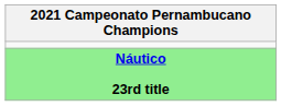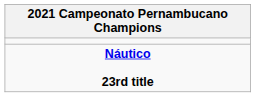 <table class="wikitable" style="text-align: center; margin: 0 auto; width: 20%">
 <tr>
 <th>2021 Campeonato Pernambucano Champions</th>
 </tr>
 <tr>
 <td></td>
 </tr>
 <tr>
-<td style="background: lightgreen;"><strong><a href='#'>Náutico</a></strong><br><br><strong>23rd title</strong></td>
+<td><strong><a href='#'>Náutico</a></strong><br><br><strong>23rd title</strong></td>
 </tr>
 </table>
